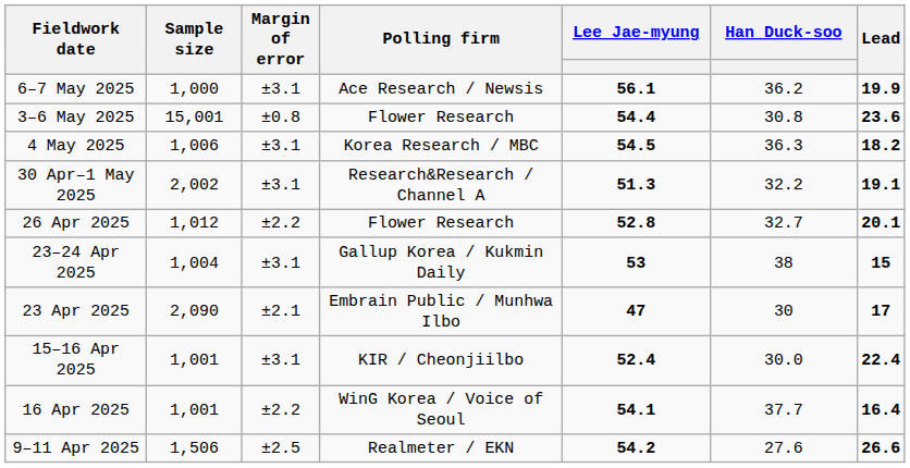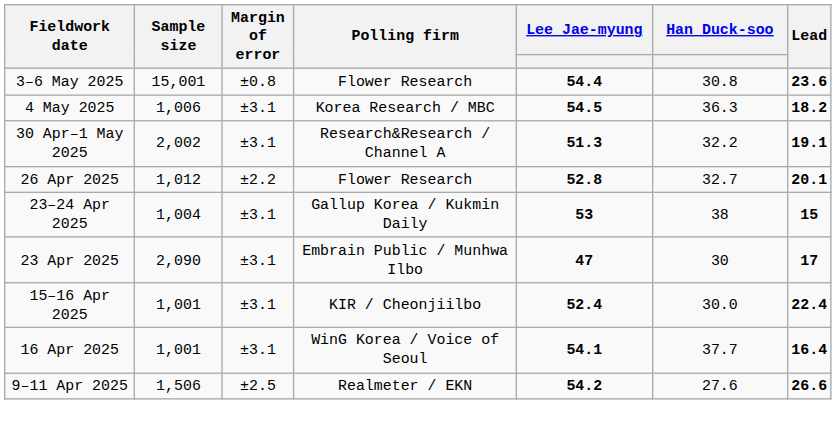 <table class="wikitable tpl-blanktable sortable tpl-blanktable mw-collapsible" style="text-align:center; font-size:85%; line-height:14px">
 <tr>
 <th class="unsortable" rowspan="2">Fieldwork date</th>
 <th class="unsortable" rowspan="2">Sample size</th>
 <th class="unsortable" rowspan="2">Margin<br>of error</th>
 <th class="unsortable" rowspan="2">Polling firm</th>
 <th class="unsortable" colspan="1" style="width:95px"><a href='#'>Lee Jae-myung</a></th>
 <th class="unsortable" colspan="1" style="width:95px"><a href='#'>Han Duck-soo</a></th>
 <th rowspan="2" class="unsortable">Lead</th>
 </tr>
 <tr>
 <th colspan="1" style="background:"></th>
 <th colspan="1" style="background:"></th>
-</tr>
-<tr>
-<td data-sort-value="2025-5-7">6–7 May 2025</td>
-<td>1,000</td>
-<td>±3.1</td>
-<td>Ace Research / Newsis</td>
-<td><strong>56.1</strong></td>
-<td>36.2</td>
-<td style="background:"><strong>19.9</strong></td>
 </tr>
 <tr>
 <td data-sort-value="2025-5-6">3–6 May 2025</td>
 <td>15,001</td>
 <td>±0.8</td>
 <td>Flower Research</td>
 <td><strong>54.4</strong></td>
 <td>30.8</td>
 <td style="background:"><strong>23.6</strong></td>
 </tr>
 <tr>
 <td data-sort-value="2025-5-4">4 May 2025</td>
 <td>1,006</td>
 <td>±3.1</td>
 <td>Korea Research / MBC</td>
 <td><strong>54.5</strong></td>
 <td>36.3</td>
 <td style="background:"><strong>18.2</strong></td>
 </tr>
 <tr>
 <td data-sort-value="2025-5-1">30 Apr–1 May 2025</td>
 <td>2,002</td>
 <td>±3.1</td>
 <td>Research&Research / Channel A</td>
 <td><strong>51.3</strong></td>
 <td>32.2</td>
 <td style="background:"><strong>19.1</strong></td>
 </tr>
 <tr>
 <td data-sort-value="2025-4-26">26 Apr 2025</td>
 <td>1,012</td>
 <td>±2.2</td>
 <td>Flower Research</td>
 <td><strong>52.8</strong></td>
 <td>32.7</td>
 <td style="background:"><strong>20.1</strong></td>
 </tr>
 <tr>
 <td data-sort-value="2025-4-24">23–24 Apr 2025</td>
 <td>1,004</td>
 <td>±3.1</td>
 <td>Gallup Korea / Kukmin Daily</td>
 <td><strong>53</strong></td>
 <td>38</td>
 <td style="background:"><strong>15</strong></td>
 </tr>
 <tr>
 <td data-sort-value="2025-4-23">23 Apr 2025</td>
 <td>2,090</td>
-<td>±2.1</td>
+<td>±3.1</td>
 <td>Embrain Public / Munhwa Ilbo</td>
 <td><strong>47</strong></td>
 <td>30</td>
 <td style="background:"><strong>17</strong></td>
 </tr>
 <tr>
 <td data-sort-value="2025-4-16">15–16 Apr 2025</td>
 <td>1,001</td>
 <td>±3.1</td>
 <td>KIR / Cheonjiilbo</td>
 <td><strong>52.4</strong></td>
 <td>30.0</td>
 <td style="background:"><strong>22.4</strong></td>
 </tr>
 <tr>
 <td data-sort-value="2025-4-16">16 Apr 2025</td>
 <td>1,001</td>
-<td>±2.2</td>
+<td>±3.1</td>
 <td>WinG Korea / Voice of Seoul</td>
 <td><strong>54.1</strong></td>
 <td>37.7</td>
 <td style="background:"><strong>16.4</strong></td>
 </tr>
 <tr>
 <td data-sort-value="2025-4-11">9–11 Apr 2025</td>
 <td>1,506</td>
 <td>±2.5</td>
 <td>Realmeter / EKN</td>
 <td><strong>54.2</strong></td>
 <td>27.6</td>
 <td style="background:"><strong>26.6</strong></td>
 </tr>
 </table>
